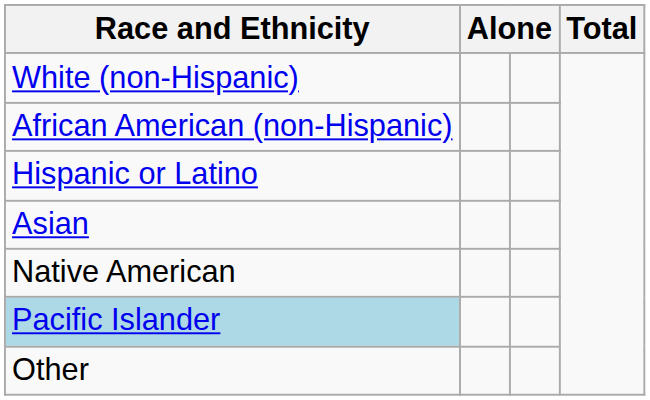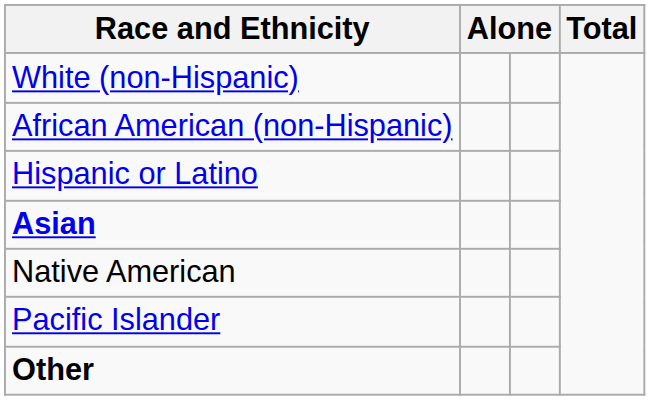 <table class="wikitable sortable"; text-align:right; font-size:80%;">
 <tr>
 <th>Race and Ethnicity</th>
 <th colspan="2" data-sort-type=number>Alone</th>
 <th colspan="2" data-sort-type=number>Total</th>
 </tr>
 <tr>
 <td><a href='#'>White (non-Hispanic)</a></td>
 <td align=right></td>
 <td align=right></td>
 </tr>
 <tr>
 <td><a href='#'>African American (non-Hispanic)</a></td>
 <td align=right></td>
 <td align=right></td>
 </tr>
 <tr>
 <td><a href='#'>Hispanic or Latino</a></td>
 <td align=right></td>
 <td align=right></td>
 </tr>
 <tr>
-<td><a href='#'>Asian</a></td>
+<td><strong><a href='#'>Asian</a></strong></td>
 <td align=right></td>
 <td align=right></td>
 </tr>
 <tr>
 <td>Native American</td>
 <td align=right></td>
 <td align=right></td>
 </tr>
 <tr>
-<td style="background: lightblue;"><a href='#'>Pacific Islander</a></td>
+<td><a href='#'>Pacific Islander</a></td>
 <td align=right></td>
 <td align=right></td>
 </tr>
 <tr>
-<td>Other</td>
+<td><strong>Other</strong></td>
 <td align=right></td>
 <td align=right></td>
 </tr>
 </table>
